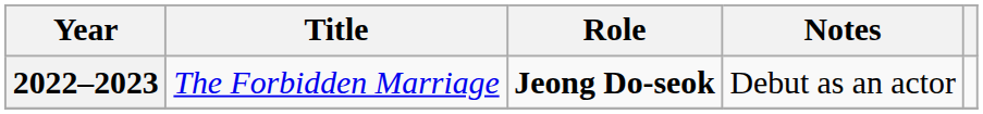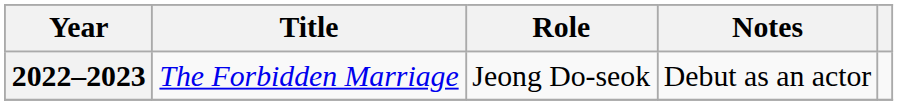 <table class="wikitable plainrowheaders">
 <tr>
 <th scope="col">Year</th>
 <th scope="col">Title</th>
 <th scope="col">Role</th>
 <th scope="col">Notes</th>
 <th scope="col" class="unsortable"></th>
 </tr>
 <tr>
 <th scope="row">2022–2023</th>
 <td><em><a href='#'>The Forbidden Marriage</a></em></td>
-<td><strong>Jeong Do-seok</strong></td>
+<td>Jeong Do-seok</td>
 <td>Debut as an actor</td>
 <td style="text-align:center"></td>
 </tr>
 <tr>
 </tr>
 </table>
